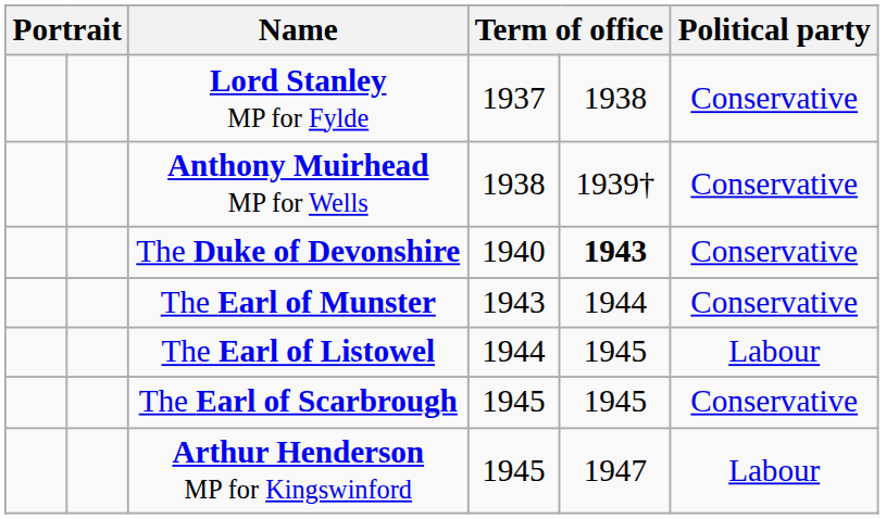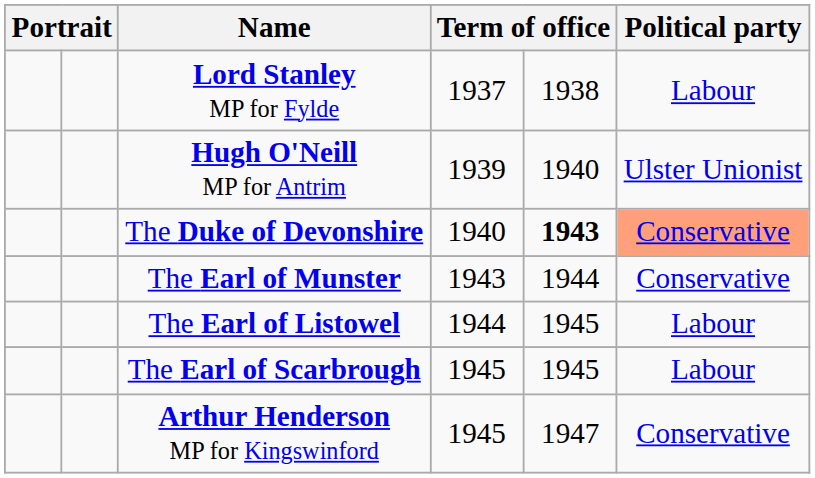 <table class="wikitable" style="text-align:center">
 <tr>
 <th colspan=2>Portrait</th>
 <th>Name</th>
 <th colspan=2>Term of office</th>
 <th>Political party</th>
 </tr>
 <tr>
 <td style="background-color: "></td>
 <td></td>
 <td><a href='#'><strong>Lord Stanley</strong></a> <br> <small>MP for <a href='#'>Fylde</a></small></td>
 <td>1937</td>
 <td>1938</td>
-<td><a href='#'>Conservative</a></td>
+<td><a href='#'>Labour</a></td>
 </tr>
 <tr>
 <td style="background-color: "></td>
 <td></td>
-<td><strong><a href='#'>Anthony Muirhead</a></strong><br> <small>MP for <a href='#'>Wells</a></small></td>
-<td>1938</td>
-<td>1939†</td>
-<td><a href='#'>Conservative</a></td>
+<td><a href='#'><strong>Hugh O'Neill</strong></a><br><small>MP for <a href='#'>Antrim</a></small></td>
+<td>1939</td>
+<td>1940</td>
+<td><a href='#'>Ulster Unionist</a></td>
 </tr>
 <tr>
 <td style="background-color: "></td>
 <td></td>
 <td><a href='#'>The <strong>Duke of Devonshire</strong></a></td>
 <td>1940</td>
 <td><strong>1943</strong></td>
-<td><a href='#'>Conservative</a></td>
+<td style="background: lightsalmon;"><a href='#'>Conservative</a></td>
 </tr>
 <tr>
 <td style="background-color: "></td>
 <td></td>
 <td><a href='#'>The <strong>Earl of Munster</strong></a></td>
 <td>1943</td>
 <td>1944</td>
 <td><a href='#'>Conservative</a></td>
 </tr>
 <tr>
 <td style="background-color: "></td>
 <td></td>
 <td><a href='#'>The <strong>Earl of Listowel</strong></a></td>
 <td>1944</td>
 <td>1945</td>
 <td><a href='#'>Labour</a></td>
 </tr>
 <tr>
 <td style="background-color: "></td>
 <td></td>
 <td><a href='#'>The <strong>Earl of Scarbrough</strong></a></td>
 <td>1945</td>
 <td>1945</td>
-<td><a href='#'>Conservative</a></td>
+<td><a href='#'>Labour</a></td>
 </tr>
 <tr>
 <td style="background-color: "></td>
 <td></td>
 <td><a href='#'><strong>Arthur Henderson</strong></a><br><small>MP for <a href='#'>Kingswinford</a></small></td>
 <td>1945</td>
 <td>1947</td>
-<td><a href='#'>Labour</a></td>
+<td><a href='#'>Conservative</a></td>
 </tr>
 </table>
